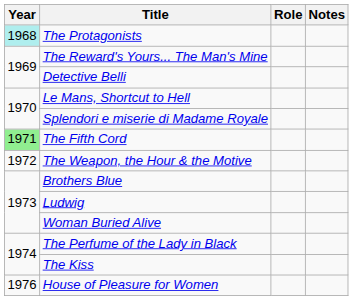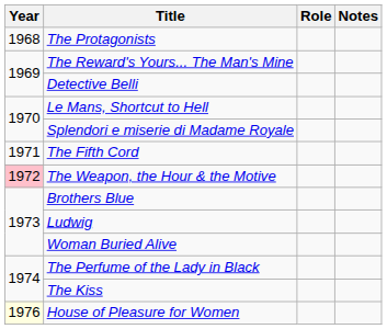 <table class="wikitable sortable">
 <tr>
 <th>Year</th>
 <th>Title</th>
 <th>Role</th>
 <th class="unsortable">Notes</th>
 </tr>
 <tr>
-<td style="background: paleturquoise;">1968</td>
+<td>1968</td>
 <td><em><a href='#'>The Protagonists</a></em></td>
 <td></td>
 <td></td>
 </tr>
 <tr>
 <td rowspan=2>1969</td>
 <td><em><a href='#'>The Reward's Yours... The Man's Mine</a></em></td>
 <td></td>
 <td></td>
 </tr>
 <tr>
 <td><em><a href='#'>Detective Belli</a></em></td>
 <td></td>
 <td></td>
 </tr>
 <tr>
 <td rowspan=2>1970</td>
 <td><em><a href='#'>Le Mans, Shortcut to Hell</a></em></td>
 <td></td>
 <td></td>
 </tr>
 <tr>
 <td><em><a href='#'>Splendori e miserie di Madame Royale</a></em></td>
 <td></td>
 <td></td>
 </tr>
 <tr>
-<td style="background: lightgreen;">1971</td>
+<td>1971</td>
 <td><em><a href='#'>The Fifth Cord</a></em></td>
 <td></td>
 <td></td>
 </tr>
 <tr>
-<td>1972</td>
+<td style="background: pink;">1972</td>
 <td><em><a href='#'>The Weapon, the Hour & the Motive</a></em></td>
 <td></td>
 <td></td>
 </tr>
 <tr>
 <td rowspan=3>1973</td>
 <td><em><a href='#'>Brothers Blue</a></em></td>
 <td></td>
 <td></td>
 </tr>
 <tr>
 <td><em><a href='#'>Ludwig</a></em></td>
 <td></td>
 <td></td>
 </tr>
 <tr>
 <td><em><a href='#'>Woman Buried Alive</a></em></td>
 <td></td>
 <td></td>
 </tr>
 <tr>
 <td rowspan=2>1974</td>
 <td><em><a href='#'>The Perfume of the Lady in Black</a></em></td>
 <td></td>
 <td></td>
 </tr>
 <tr>
 <td><em><a href='#'>The Kiss</a></em></td>
 <td></td>
 <td></td>
 </tr>
 <tr>
-<td>1976</td>
+<td style="background: lightyellow;">1976</td>
 <td><em><a href='#'>House of Pleasure for Women</a></em></td>
 <td></td>
 <td></td>
 </tr>
 </table>
